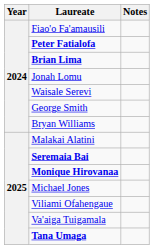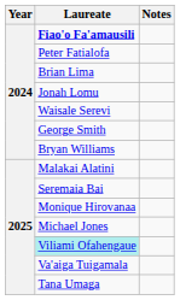 <table class="wikitable">
 <tr>
 <th>Year</th>
 <th>Laureate</th>
 <th>Notes</th>
 </tr>
 <tr>
 <th rowspan=7>2024</th>
-<td><a href='#'>Fiao'o Fa'amausili</a></td>
+<td><strong><a href='#'>Fiao'o Fa'amausili</a></strong></td>
 <td></td>
 </tr>
 <tr>
-<td><strong><a href='#'>Peter Fatialofa</a></strong></td>
+<td><a href='#'>Peter Fatialofa</a></td>
 <td></td>
 </tr>
 <tr>
-<td><strong><a href='#'>Brian Lima</a></strong></td>
+<td><a href='#'>Brian Lima</a></td>
 <td></td>
 </tr>
 <tr>
 <td><a href='#'>Jonah Lomu</a></td>
 <td></td>
 </tr>
 <tr>
 <td><a href='#'>Waisale Serevi</a></td>
 <td></td>
 </tr>
 <tr>
 <td><a href='#'>George Smith</a></td>
 <td></td>
 </tr>
 <tr>
 <td><a href='#'>Bryan Williams</a></td>
 <td></td>
 </tr>
 <tr>
 <th rowspan=7>2025</th>
 <td><a href='#'>Malakai Alatini</a></td>
 <td></td>
 </tr>
 <tr>
-<td><strong><a href='#'>Seremaia Bai</a></strong></td>
+<td><a href='#'>Seremaia Bai</a></td>
 <td></td>
 </tr>
 <tr>
-<td><strong><a href='#'>Monique Hirovanaa</a></strong></td>
+<td><a href='#'>Monique Hirovanaa</a></td>
 <td></td>
 </tr>
 <tr>
 <td><a href='#'>Michael Jones</a></td>
 <td></td>
 </tr>
 <tr>
-<td><a href='#'>Viliami Ofahengaue</a></td>
+<td style="background: paleturquoise;"><a href='#'>Viliami Ofahengaue</a></td>
 <td></td>
 </tr>
 <tr>
 <td><a href='#'>Va'aiga Tuigamala</a></td>
 <td></td>
 </tr>
 <tr>
-<td><strong><a href='#'>Tana Umaga</a></strong></td>
+<td><a href='#'>Tana Umaga</a></td>
 <td></td>
 </tr>
 </table>
